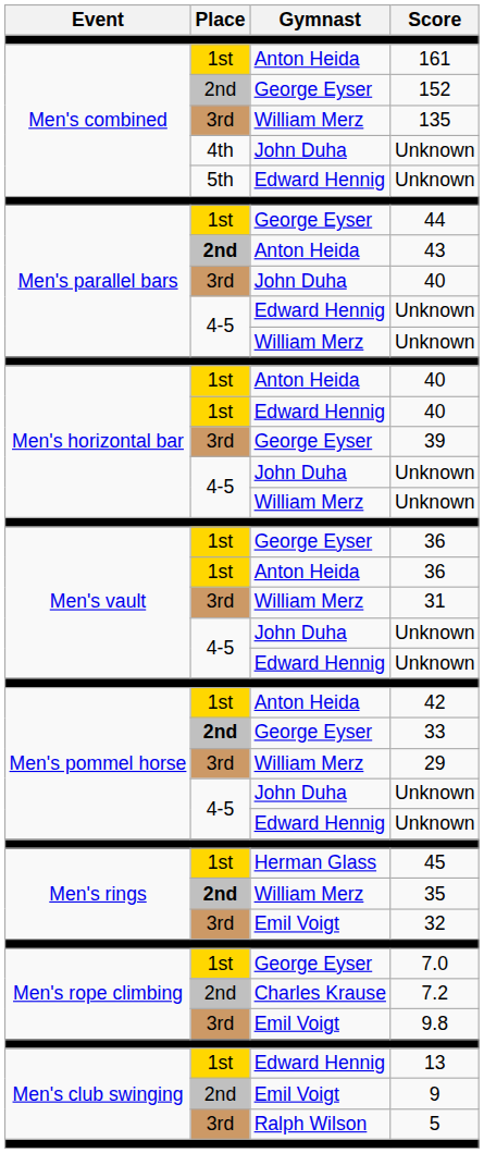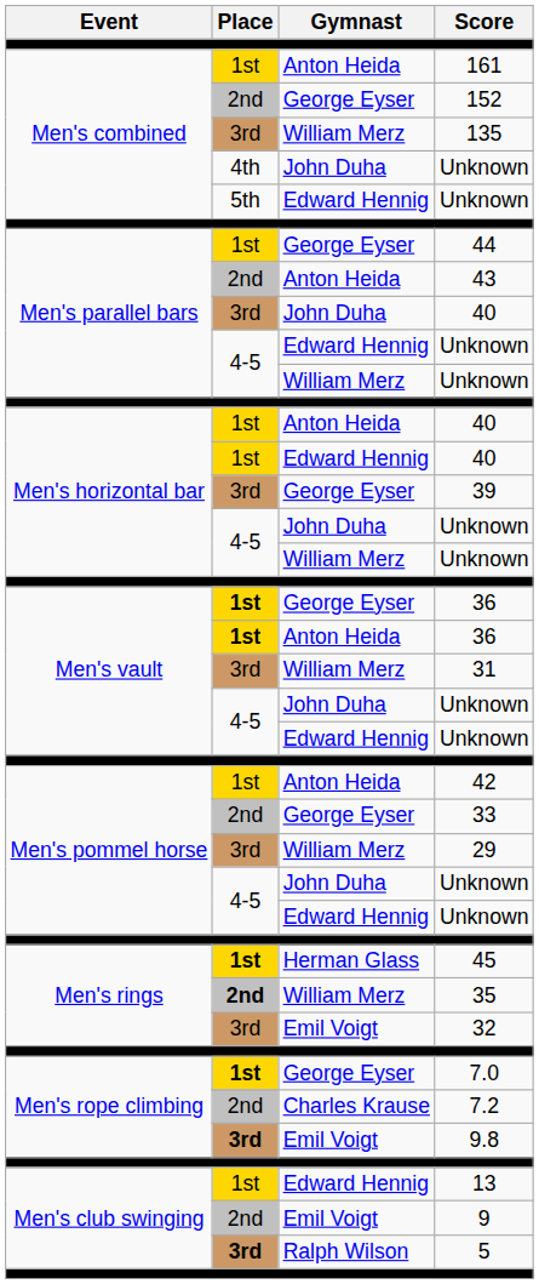 <table class=wikitable style="text-align:center">
 <tr>
 <th>Event</th>
 <th>Place</th>
 <th>Gymnast</th>
 <th>Score</th>
 </tr>
 <tr bgcolor=black>
 <td colspan=4></td>
 </tr>
 <tr align=center>
 <td rowspan=5><a href='#'>Men's combined</a></td>
 <td bgcolor=gold>1st</td>
 <td align=left><a href='#'>Anton Heida</a></td>
 <td>161</td>
 </tr>
 <tr>
 <td bgcolor=silver>2nd</td>
 <td align=left><a href='#'>George Eyser</a></td>
 <td>152</td>
 </tr>
 <tr>
 <td bgcolor=cc9966>3rd</td>
 <td align=left><a href='#'>William Merz</a></td>
 <td>135</td>
 </tr>
 <tr>
 <td>4th</td>
 <td align=left><a href='#'>John Duha</a></td>
 <td>Unknown</td>
 </tr>
 <tr>
 <td>5th</td>
 <td align=left><a href='#'>Edward Hennig</a></td>
 <td>Unknown</td>
 </tr>
 <tr bgcolor=black>
 <td colspan=4></td>
 </tr>
 <tr align=center>
 <td rowspan=5><a href='#'>Men's parallel bars</a></td>
 <td bgcolor=gold>1st</td>
 <td align=left><a href='#'>George Eyser</a></td>
 <td>44</td>
 </tr>
 <tr>
-<td bgcolor=silver><strong>2nd</strong></td>
+<td bgcolor=silver>2nd</td>
 <td align=left><a href='#'>Anton Heida</a></td>
 <td>43</td>
 </tr>
 <tr>
 <td bgcolor=cc9966>3rd</td>
 <td align=left><a href='#'>John Duha</a></td>
 <td>40</td>
 </tr>
 <tr>
 <td rowspan=2>4-5</td>
 <td align=left><a href='#'>Edward Hennig</a></td>
 <td>Unknown</td>
 </tr>
 <tr>
 <td align=left><a href='#'>William Merz</a></td>
 <td>Unknown</td>
 </tr>
 <tr bgcolor=black>
 <td colspan=4></td>
 </tr>
 <tr align=center>
 <td rowspan=5><a href='#'>Men's horizontal bar</a></td>
 <td bgcolor=gold>1st</td>
 <td align=left><a href='#'>Anton Heida</a></td>
 <td>40</td>
 </tr>
 <tr>
 <td bgcolor=gold>1st</td>
 <td align=left><a href='#'>Edward Hennig</a></td>
 <td>40</td>
 </tr>
 <tr>
 <td bgcolor=cc9966>3rd</td>
 <td align=left><a href='#'>George Eyser</a></td>
 <td>39</td>
 </tr>
 <tr>
 <td rowspan=2>4-5</td>
 <td align=left><a href='#'>John Duha</a></td>
 <td>Unknown</td>
 </tr>
 <tr>
 <td align=left><a href='#'>William Merz</a></td>
 <td>Unknown</td>
 </tr>
 <tr bgcolor=black>
 <td colspan=4></td>
 </tr>
 <tr align=center>
 <td rowspan=5><a href='#'>Men's vault</a></td>
-<td bgcolor=gold>1st</td>
+<td bgcolor=gold><strong>1st</strong></td>
 <td align=left><a href='#'>George Eyser</a></td>
 <td>36</td>
 </tr>
 <tr>
-<td bgcolor=gold>1st</td>
+<td bgcolor=gold><strong>1st</strong></td>
 <td align=left><a href='#'>Anton Heida</a></td>
 <td>36</td>
 </tr>
 <tr>
 <td bgcolor=cc9966>3rd</td>
 <td align=left><a href='#'>William Merz</a></td>
 <td>31</td>
 </tr>
 <tr>
 <td rowspan=2>4-5</td>
 <td align=left><a href='#'>John Duha</a></td>
 <td>Unknown</td>
 </tr>
 <tr>
 <td align=left><a href='#'>Edward Hennig</a></td>
 <td>Unknown</td>
 </tr>
 <tr bgcolor=black>
 <td colspan=4></td>
 </tr>
 <tr align=center>
 <td rowspan=5><a href='#'>Men's pommel horse</a></td>
 <td bgcolor=gold>1st</td>
 <td align=left><a href='#'>Anton Heida</a></td>
 <td>42</td>
 </tr>
 <tr>
-<td bgcolor=silver><strong>2nd</strong></td>
+<td bgcolor=silver>2nd</td>
 <td align=left><a href='#'>George Eyser</a></td>
 <td>33</td>
 </tr>
 <tr>
 <td bgcolor=cc9966>3rd</td>
 <td align=left><a href='#'>William Merz</a></td>
 <td>29</td>
 </tr>
 <tr>
 <td rowspan=2>4-5</td>
 <td align=left><a href='#'>John Duha</a></td>
 <td>Unknown</td>
 </tr>
 <tr>
 <td align=left><a href='#'>Edward Hennig</a></td>
 <td>Unknown</td>
 </tr>
 <tr bgcolor=black>
 <td colspan=4></td>
 </tr>
 <tr align=center>
 <td rowspan=3><a href='#'>Men's rings</a></td>
-<td bgcolor=gold>1st</td>
+<td bgcolor=gold><strong>1st</strong></td>
 <td align=left><a href='#'>Herman Glass</a></td>
 <td>45</td>
 </tr>
 <tr>
 <td bgcolor=silver><strong>2nd</strong></td>
 <td align=left><a href='#'>William Merz</a></td>
 <td>35</td>
 </tr>
 <tr>
 <td bgcolor=cc9966>3rd</td>
 <td align=left><a href='#'>Emil Voigt</a></td>
 <td>32</td>
 </tr>
 <tr bgcolor=black>
 <td colspan=4></td>
 </tr>
 <tr align=center>
 <td rowspan=3><a href='#'>Men's rope climbing</a></td>
-<td bgcolor=gold>1st</td>
+<td bgcolor=gold><strong>1st</strong></td>
 <td align=left><a href='#'>George Eyser</a></td>
 <td>7.0</td>
 </tr>
 <tr>
 <td bgcolor=silver>2nd</td>
 <td align=left><a href='#'>Charles Krause</a></td>
 <td>7.2</td>
 </tr>
 <tr>
-<td bgcolor=cc9966>3rd</td>
+<td bgcolor=cc9966><strong>3rd</strong></td>
 <td align=left><a href='#'>Emil Voigt</a></td>
 <td>9.8</td>
 </tr>
 <tr bgcolor=black>
 <td colspan=4></td>
 </tr>
 <tr align=center>
 <td rowspan=3><a href='#'>Men's club swinging</a></td>
 <td bgcolor=gold>1st</td>
 <td align=left><a href='#'>Edward Hennig</a></td>
 <td>13</td>
 </tr>
 <tr>
 <td bgcolor=silver>2nd</td>
 <td align=left><a href='#'>Emil Voigt</a></td>
 <td>9</td>
 </tr>
 <tr>
-<td bgcolor=cc9966>3rd</td>
+<td bgcolor=cc9966><strong>3rd</strong></td>
 <td align=left><a href='#'>Ralph Wilson</a></td>
 <td>5</td>
 </tr>
 <tr bgcolor=black>
 <td colspan=4></td>
 </tr>
 </table>
